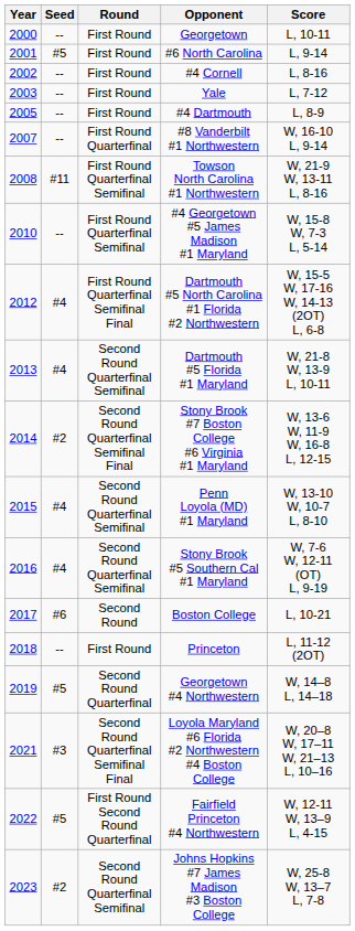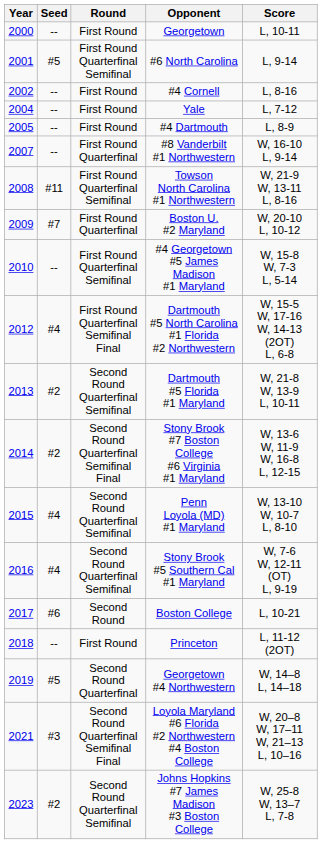 <table class="wikitable">
 <tr>
 <th style="width:40px; ">Year</th>
 <th style="width:40px; ">Seed</th>
 <th style="width:100px; ">Round</th>
 <th style="width:130px; ">Opponent</th>
 <th style="width:100px; ">Score</th>
 </tr>
 <tr align="center">
 <td><a href='#'>2000</a></td>
 <td>--</td>
 <td>First Round</td>
 <td><a href='#'>Georgetown</a></td>
 <td>L, 10-11</td>
 </tr>
 <tr align="center">
 <td><a href='#'>2001</a></td>
 <td>#5</td>
-<td>First Round</td>
+<td>First Round<br>Quarterfinal<br>Semifinal</td>
 <td>#6 <a href='#'>North Carolina</a></td>
 <td>L, 9-14</td>
 </tr>
 <tr align="center">
 <td><a href='#'>2002</a></td>
 <td>--</td>
 <td>First Round</td>
 <td>#4 <a href='#'>Cornell</a></td>
 <td>L, 8-16</td>
 </tr>
 <tr align="center">
-<td><a href='#'>2003</a></td>
+<td><a href='#'>2004</a></td>
 <td>--</td>
 <td>First Round</td>
 <td><a href='#'>Yale</a></td>
 <td>L, 7-12</td>
 </tr>
 <tr align="center">
 <td><a href='#'>2005</a></td>
 <td>--</td>
 <td>First Round</td>
 <td>#4 <a href='#'>Dartmouth</a></td>
 <td>L, 8-9</td>
 </tr>
 <tr align="center">
 <td><a href='#'>2007</a></td>
 <td>--</td>
 <td>First Round<br>Quarterfinal</td>
 <td>#8 <a href='#'>Vanderbilt</a><br>#1 <a href='#'>Northwestern</a></td>
 <td>W, 16-10<br>L, 9-14</td>
 </tr>
 <tr align="center">
 <td><a href='#'>2008</a></td>
 <td>#11</td>
 <td>First Round<br>Quarterfinal<br>Semifinal</td>
 <td><a href='#'>Towson</a><br><a href='#'>North Carolina</a><br>#1 <a href='#'>Northwestern</a></td>
 <td>W, 21-9<br>W, 13-11<br>L, 8-16</td>
 </tr>
 <tr align="center">
+<td><a href='#'>2009</a></td>
+<td>#7</td>
+<td>First Round<br>Quarterfinal</td>
+<td><a href='#'>Boston U.</a><br>#2 <a href='#'>Maryland</a></td>
+<td>W, 20-10<br>L, 10-12</td>
+</tr>
+<tr align="center">
 <td><a href='#'>2010</a></td>
 <td>--</td>
 <td>First Round<br>Quarterfinal<br>Semifinal</td>
 <td>#4 <a href='#'>Georgetown</a><br>#5 <a href='#'>James Madison</a><br>#1 <a href='#'>Maryland</a></td>
 <td>W, 15-8<br>W, 7-3<br>L, 5-14</td>
 </tr>
 <tr align="center">
 <td><a href='#'>2012</a></td>
 <td>#4</td>
 <td>First Round<br>Quarterfinal<br>Semifinal<br>Final</td>
 <td><a href='#'>Dartmouth</a><br>#5 <a href='#'>North Carolina</a><br>#1 <a href='#'>Florida</a><br>#2 <a href='#'>Northwestern</a></td>
 <td>W, 15-5<br>W, 17-16<br>W, 14-13 (2OT)<br>L, 6-8</td>
 </tr>
 <tr align="center">
 <td><a href='#'>2013</a></td>
-<td>#4</td>
+<td>#2</td>
 <td>Second Round<br>Quarterfinal<br>Semifinal</td>
 <td><a href='#'>Dartmouth</a><br>#5 <a href='#'>Florida</a><br>#1 <a href='#'>Maryland</a></td>
 <td>W, 21-8<br>W, 13-9<br>L, 10-11</td>
 </tr>
 <tr align="center">
 <td><a href='#'>2014</a></td>
 <td>#2</td>
 <td>Second Round<br>Quarterfinal<br>Semifinal<br>Final</td>
 <td><a href='#'>Stony Brook</a><br>#7 <a href='#'>Boston College</a><br>#6 <a href='#'>Virginia</a><br>#1 <a href='#'>Maryland</a></td>
 <td>W, 13-6<br>W, 11-9<br>W, 16-8<br>L, 12-15</td>
 </tr>
 <tr align="center">
 <td><a href='#'>2015</a></td>
 <td>#4</td>
 <td>Second Round<br>Quarterfinal<br>Semifinal</td>
 <td><a href='#'>Penn</a><br><a href='#'>Loyola (MD)</a><br>#1 <a href='#'>Maryland</a></td>
 <td>W, 13-10<br>W, 10-7<br>L, 8-10</td>
 </tr>
 <tr align="center">
 <td><a href='#'>2016</a></td>
 <td>#4</td>
 <td>Second Round<br>Quarterfinal<br>Semifinal</td>
 <td><a href='#'>Stony Brook</a><br>#5 <a href='#'>Southern Cal</a><br>#1 <a href='#'>Maryland</a></td>
 <td>W, 7-6<br>W, 12-11 (OT)<br>L, 9-19</td>
 </tr>
 <tr align="center">
 <td><a href='#'>2017</a></td>
 <td>#6</td>
 <td>Second Round</td>
 <td><a href='#'>Boston College</a></td>
 <td>L, 10-21</td>
 </tr>
 <tr align="center">
 <td><a href='#'>2018</a></td>
 <td>--</td>
 <td>First Round</td>
 <td><a href='#'>Princeton</a></td>
 <td>L, 11-12 (2OT)</td>
 </tr>
 <tr align="center">
 <td><a href='#'>2019</a></td>
 <td>#5</td>
 <td>Second Round<br>Quarterfinal</td>
 <td><a href='#'>Georgetown</a><br>#4 <a href='#'>Northwestern</a></td>
 <td>W, 14–8<br>L, 14–18</td>
 </tr>
 <tr align="center">
 <td><a href='#'>2021</a></td>
 <td>#3</td>
 <td>Second Round<br>Quarterfinal<br>Semifinal<br>Final</td>
 <td><a href='#'>Loyola Maryland</a><br>#6 <a href='#'>Florida</a><br>#2 <a href='#'>Northwestern</a><br>#4 <a href='#'>Boston College</a></td>
 <td>W, 20–8<br>W, 17–11<br>W, 21–13<br>L, 10–16</td>
 </tr>
 <tr align="center">
-<td><a href='#'>2022</a></td>
-<td>#5</td>
-<td>First Round<br>Second Round<br>Quarterfinal</td>
-<td><a href='#'>Fairfield</a><br> <a href='#'>Princeton</a><br>#4 <a href='#'>Northwestern</a></td>
-<td>W, 12-11<br>W, 13–9<br>L, 4-15</td>
-</tr>
-<tr align="center">
 <td><a href='#'>2023</a></td>
 <td>#2</td>
 <td>Second Round<br>Quarterfinal<br>Semifinal</td>
 <td><a href='#'>Johns Hopkins</a><br>#7 <a href='#'>James Madison</a><br>#3 <a href='#'>Boston College</a></td>
 <td>W, 25-8<br>W, 13–7<br>L, 7-8</td>
 </tr>
 </table>
